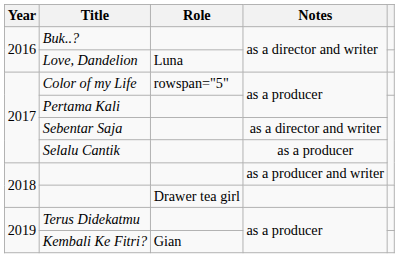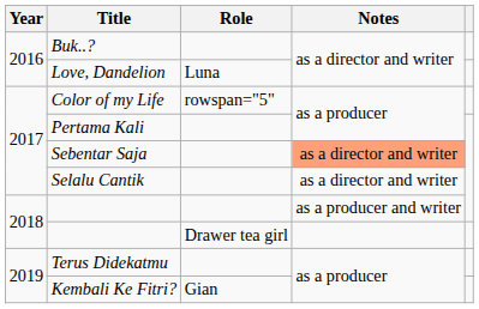 <table class="wikitable unsortable">
 <tr>
 <th>Year</th>
 <th>Title</th>
 <th>Role</th>
 <th>Notes</th>
 <th></th>
 </tr>
 <tr>
 <td rowspan="2">2016</td>
 <td><em>Buk..?</em></td>
 <td></td>
 <td rowspan="2">as a director and writer</td>
 <td align="center"></td>
 </tr>
 <tr>
 <td><em>Love, Dandelion</em></td>
 <td>Luna</td>
 <td align="center"></td>
 </tr>
 <tr>
 <td rowspan="4">2017</td>
 <td><em>Color of my Life</em></td>
 <td>rowspan="5" </td>
 <td rowspan="2">as a producer</td>
 <td align="center"></td>
 </tr>
 <tr>
 <td><em>Pertama Kali</em></td>
 <td align="center"></td>
 </tr>
 <tr>
 <td><em>Sebentar Saja</em></td>
 <td></td>
-<td align="center">as a director and writer</td>
+<td align="center" style="background: lightsalmon;">as a director and writer</td>
 </tr>
 <tr>
 <td><em>Selalu Cantik</em></td>
 <td></td>
-<td align="center">as a producer</td>
+<td align="center">as a director and writer</td>
 </tr>
 <tr>
 <td rowspan="2">2018</td>
 <td><em></em></td>
 <td></td>
 <td align="center">as a producer and writer</td>
 </tr>
 <tr>
 <td><em></em></td>
 <td>Drawer tea girl</td>
 <td></td>
 <td align="center"></td>
 </tr>
 <tr>
 <td rowspan="2">2019</td>
 <td><em>Terus Didekatmu</em></td>
 <td></td>
 <td rowspan="2">as a producer</td>
 <td align="center"></td>
 </tr>
 <tr>
 <td><em>Kembali Ke Fitri?</em></td>
 <td>Gian</td>
 <td align="center"></td>
 </tr>
 </table>
